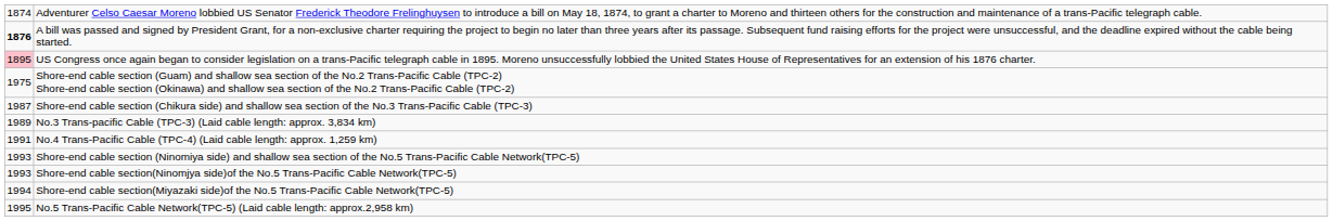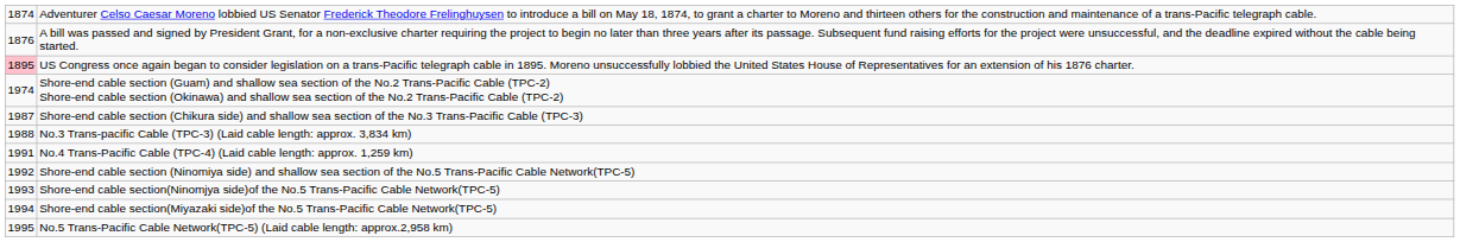 <table class="wikitable">
 <tr>
 <td>1874</td>
 <td>Adventurer <a href='#'>Celso Caesar Moreno</a> lobbied US Senator <a href='#'>Frederick Theodore Frelinghuysen</a> to introduce a bill on May 18, 1874, to grant a charter to Moreno and thirteen others for the construction and maintenance of a trans-Pacific telegraph cable.</td>
 </tr>
 <tr>
-<td><strong>1876</strong></td>
+<td>1876</td>
 <td>A bill was passed and signed by President Grant, for a non-exclusive charter requiring the project to begin no later than three years after its passage. Subsequent fund raising efforts for the project were unsuccessful, and the deadline expired without the cable being started.</td>
 </tr>
 <tr>
 <td style="background: pink;">1895</td>
 <td>US Congress once again began to consider legislation on a trans-Pacific telegraph cable in 1895. Moreno unsuccessfully lobbied the United States House of Representatives for an extension of his 1876 charter.</td>
 </tr>
 <tr>
-<td>1975</td>
+<td>1974</td>
 <td>Shore-end cable section (Guam) and shallow sea section of the No.2 Trans-Pacific Cable (TPC-2)<br>Shore-end cable section (Okinawa) and shallow sea section of the No.2 Trans-Pacific Cable (TPC-2)</td>
 </tr>
 <tr>
 <td>1987</td>
 <td>Shore-end cable section (Chikura side) and shallow sea section of the No.3 Trans-Pacific Cable (TPC-3)</td>
 </tr>
 <tr>
-<td>1989</td>
+<td>1988</td>
 <td>No.3 Trans-pacific Cable (TPC-3) (Laid cable length: approx. 3,834 km)</td>
 </tr>
 <tr>
 <td>1991</td>
 <td>No.4 Trans-Pacific Cable (TPC-4) (Laid cable length: approx. 1,259 km)</td>
 </tr>
 <tr>
-<td>1993</td>
+<td>1992</td>
 <td>Shore-end cable section (Ninomiya side) and shallow sea section of the No.5 Trans-Pacific Cable Network(TPC-5)</td>
 </tr>
 <tr>
 <td>1993</td>
 <td>Shore-end cable section(Ninomjya side)of the No.5 Trans-Pacific Cable Network(TPC-5)</td>
 </tr>
 <tr>
 <td>1994</td>
 <td>Shore-end cable section(Miyazaki side)of the No.5 Trans-Pacific Cable Network(TPC-5)</td>
 </tr>
 <tr>
 <td>1995</td>
 <td>No.5 Trans-Pacific Cable Network(TPC-5) (Laid cable length: approx.2,958 km)</td>
 </tr>
 </table>
